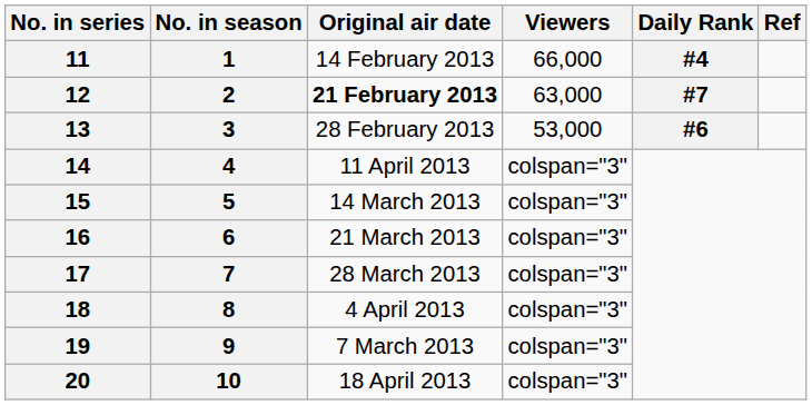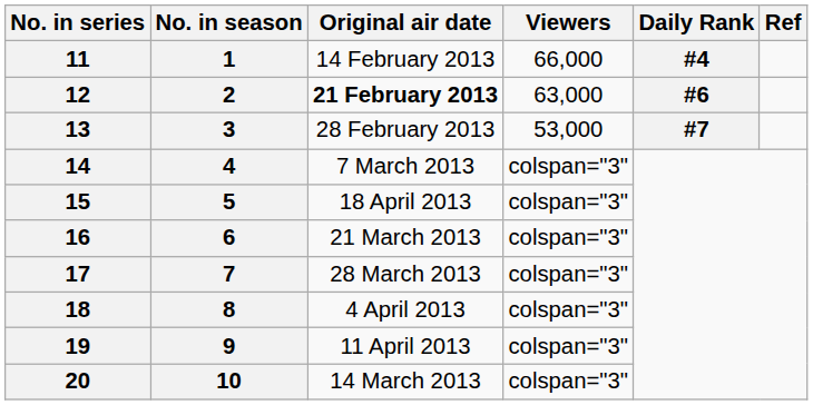 <table class="wikitable plainrowheaders" style="text-align: center; font-size:100%;">
 <tr>
 <th>No. in series</th>
 <th>No. in season</th>
 <th>Original air date</th>
 <th>Viewers</th>
 <th>Daily Rank</th>
 <th>Ref</th>
 </tr>
 <tr>
 <th>11</th>
 <th>1</th>
 <td>14 February 2013</td>
 <td>66,000</td>
 <th>#4</th>
 <td></td>
 </tr>
 <tr>
 <th>12</th>
 <th>2</th>
 <td><strong>21 February 2013</strong></td>
 <td>63,000</td>
-<th>#7</th>
+<th>#6</th>
 <td></td>
 </tr>
 <tr>
 <th>13</th>
 <th>3</th>
 <td>28 February 2013</td>
 <td>53,000</td>
-<th>#6</th>
+<th>#7</th>
 <td></td>
 </tr>
 <tr>
 <th>14</th>
 <th>4</th>
-<td>11 April 2013</td>
+<td>7 March 2013</td>
 <td>colspan="3" </td>
 </tr>
 <tr>
 <th>15</th>
 <th>5</th>
-<td>14 March 2013</td>
+<td>18 April 2013</td>
 <td>colspan="3" </td>
 </tr>
 <tr>
 <th>16</th>
 <th>6</th>
 <td>21 March 2013</td>
 <td>colspan="3" </td>
 </tr>
 <tr>
 <th>17</th>
 <th>7</th>
 <td>28 March 2013</td>
 <td>colspan="3" </td>
 </tr>
 <tr>
 <th>18</th>
 <th>8</th>
 <td>4 April 2013</td>
 <td>colspan="3" </td>
 </tr>
 <tr>
 <th>19</th>
 <th>9</th>
-<td>7 March 2013</td>
+<td>11 April 2013</td>
 <td>colspan="3" </td>
 </tr>
 <tr>
 <th>20</th>
 <th>10</th>
-<td>18 April 2013</td>
+<td>14 March 2013</td>
 <td>colspan="3" </td>
 </tr>
 </table>
